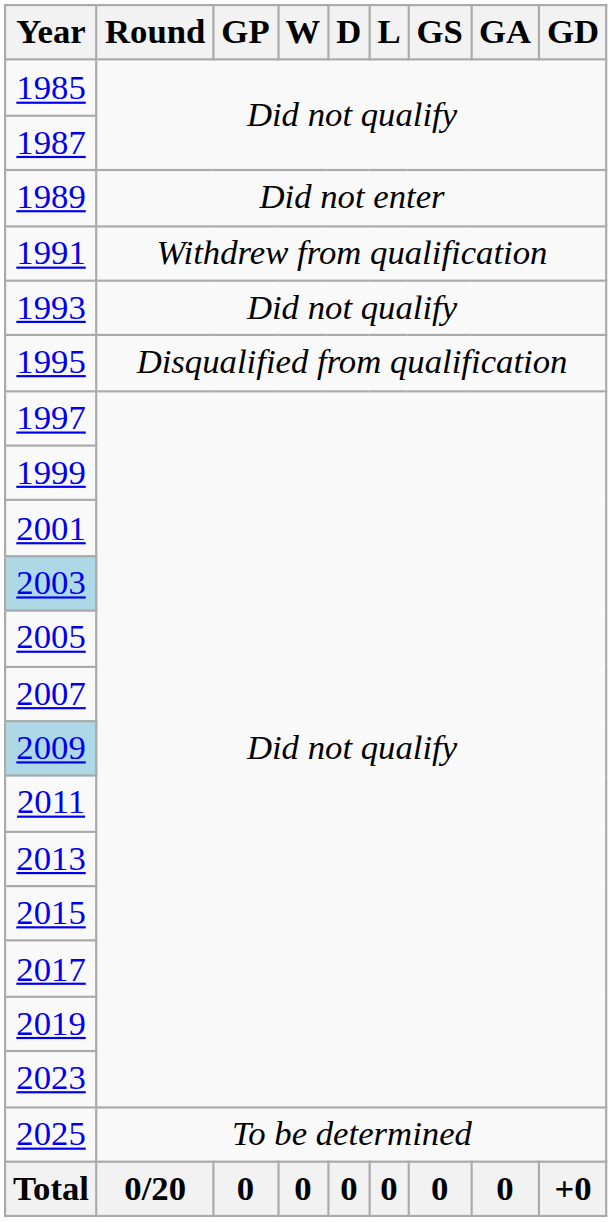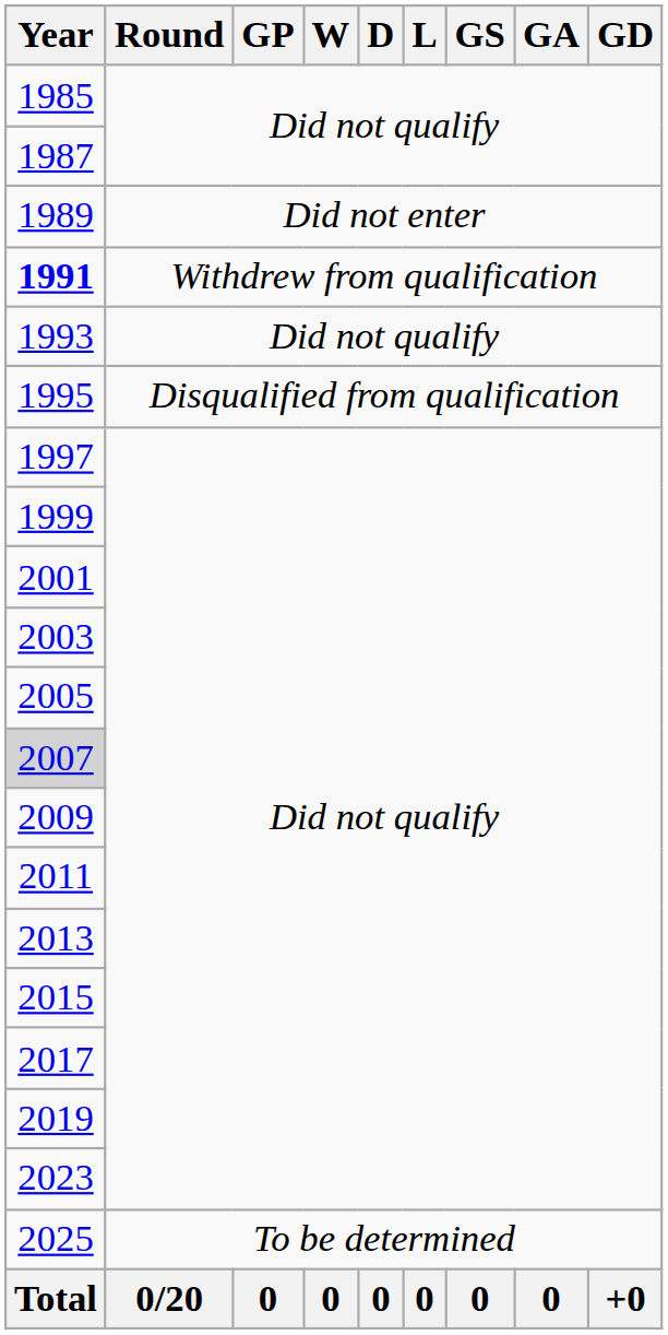 <table class="wikitable" style="text-align: center;">
 <tr>
 <th>Year</th>
 <th>Round</th>
 <th>GP</th>
 <th>W</th>
 <th>D</th>
 <th>L</th>
 <th>GS</th>
 <th>GA</th>
 <th>GD</th>
 </tr>
 <tr>
 <td> <a href='#'>1985</a></td>
 <td rowspan=2 colspan=8><em>Did not qualify</em></td>
 </tr>
 <tr>
 <td> <a href='#'>1987</a></td>
 </tr>
 <tr>
 <td> <a href='#'>1989</a></td>
 <td rowspan=1 colspan=8><em>Did not enter</em></td>
 </tr>
 <tr>
-<td> <a href='#'>1991</a></td>
+<td><strong> <a href='#'>1991</a></strong></td>
 <td rowspan=1 colspan=8><em>Withdrew from qualification</em></td>
 </tr>
 <tr>
 <td> <a href='#'>1993</a></td>
 <td rowspan=1 colspan=8><em>Did not qualify</em></td>
 </tr>
 <tr>
 <td> <a href='#'>1995</a></td>
 <td rowspan=1 colspan=8><em>Disqualified from qualification</em></td>
 </tr>
 <tr>
 <td> <a href='#'>1997</a></td>
 <td rowspan=13 colspan=8><em>Did not qualify</em></td>
 </tr>
 <tr>
 <td> <a href='#'>1999</a></td>
 </tr>
 <tr>
 <td> <a href='#'>2001</a></td>
 </tr>
 <tr>
-<td style="background: lightblue;"> <a href='#'>2003</a></td>
+<td> <a href='#'>2003</a></td>
 </tr>
 <tr>
 <td> <a href='#'>2005</a></td>
 </tr>
 <tr>
-<td> <a href='#'>2007</a></td>
+<td style="background: lightgrey;"> <a href='#'>2007</a></td>
 </tr>
 <tr>
-<td style="background: lightblue;"> <a href='#'>2009</a></td>
+<td> <a href='#'>2009</a></td>
 </tr>
 <tr>
 <td> <a href='#'>2011</a></td>
 </tr>
 <tr>
 <td> <a href='#'>2013</a></td>
 </tr>
 <tr>
 <td> <a href='#'>2015</a></td>
 </tr>
 <tr>
 <td> <a href='#'>2017</a></td>
 </tr>
 <tr>
 <td> <a href='#'>2019</a></td>
 </tr>
 <tr>
 <td> <a href='#'>2023</a></td>
 </tr>
 <tr>
 <td> <a href='#'>2025</a></td>
 <td colspan=8><em>To be determined</em></td>
 </tr>
 <tr>
 <th>Total</th>
 <th>0/20</th>
 <th>0</th>
 <th>0</th>
 <th>0</th>
 <th>0</th>
 <th>0</th>
 <th>0</th>
 <th>+0</th>
 </tr>
 </table>
